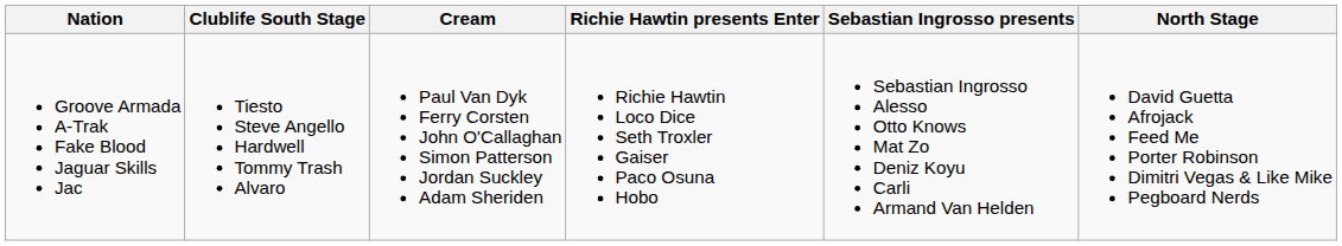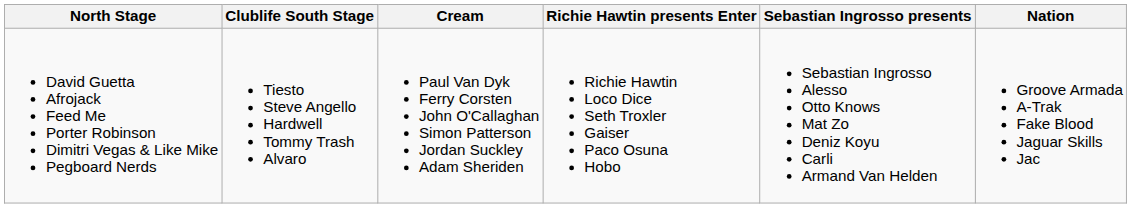 <table class="wikitable">
 <tr>
-<th>Nation</th>
+<th>North Stage</th>
 <th>Clublife South Stage</th>
 <th>Cream</th>
 <th>Richie Hawtin presents Enter</th>
 <th>Sebastian Ingrosso presents</th>
-<th>North Stage</th>
+<th>Nation</th>
 </tr>
 <tr>
-<td><br><ul><li>Groove Armada</li><li>A-Trak</li><li>Fake Blood</li><li>Jaguar Skills</li><li>Jac</li></ul></td>
+<td><br><ul><li>David Guetta</li><li>Afrojack</li><li>Feed Me</li><li>Porter Robinson</li><li>Dimitri Vegas & Like Mike</li><li>Pegboard Nerds</li></ul></td>
 <td><br><ul><li>Tiesto</li><li>Steve Angello</li><li>Hardwell</li><li>Tommy Trash</li><li>Alvaro</li></ul></td>
 <td><br><ul><li>Paul Van Dyk</li><li>Ferry Corsten</li><li>John O'Callaghan</li><li>Simon Patterson</li><li>Jordan Suckley</li><li>Adam Sheriden</li></ul></td>
 <td><br><ul><li>Richie Hawtin</li><li>Loco Dice</li><li>Seth Troxler</li><li>Gaiser</li><li>Paco Osuna</li><li>Hobo</li></ul></td>
 <td><br><ul><li>Sebastian Ingrosso</li><li>Alesso</li><li>Otto Knows</li><li>Mat Zo</li><li>Deniz Koyu</li><li>Carli</li><li>Armand Van Helden</li></ul></td>
-<td><br><ul><li>David Guetta</li><li>Afrojack</li><li>Feed Me</li><li>Porter Robinson</li><li>Dimitri Vegas & Like Mike</li><li>Pegboard Nerds</li></ul></td>
+<td><br><ul><li>Groove Armada</li><li>A-Trak</li><li>Fake Blood</li><li>Jaguar Skills</li><li>Jac</li></ul></td>
 </tr>
 </table>
